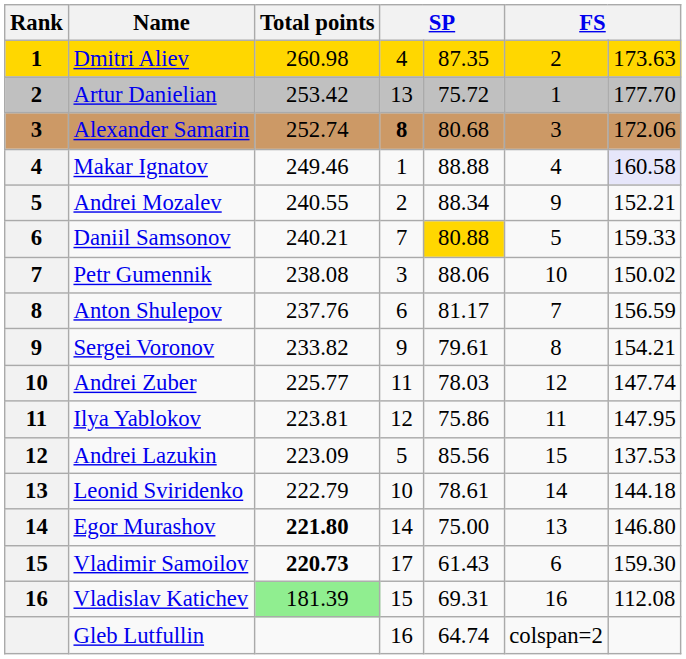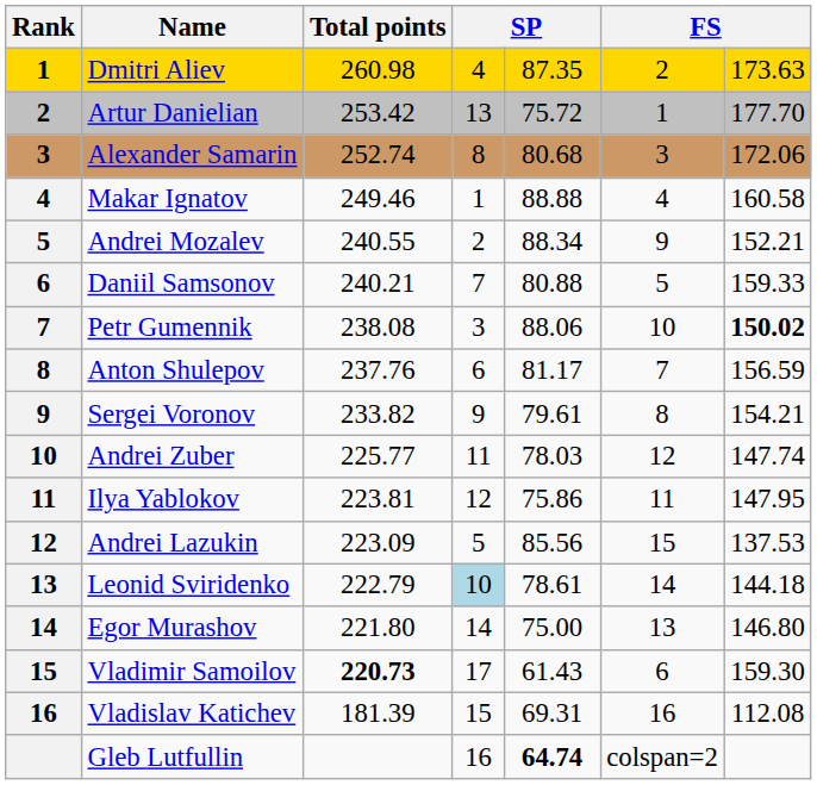 <table class="wikitable sortable">
 <tr>
 <th>Rank</th>
 <th>Name</th>
 <th>Total points</th>
 <th colspan="2" width="80px"><a href='#'>SP</a></th>
 <th colspan="2" width="80px"><a href='#'>FS</a></th>
 </tr>
 <tr bgcolor="gold">
 <td align="center"><strong>1</strong></td>
 <td><a href='#'>Dmitri Aliev</a></td>
 <td align="center">260.98</td>
 <td align="center">4</td>
 <td align="center">87.35</td>
 <td align="center">2</td>
 <td align="center">173.63</td>
 </tr>
 <tr bgcolor="silver">
 <td align="center"><strong>2</strong></td>
 <td><a href='#'>Artur Danielian</a></td>
 <td align="center">253.42</td>
 <td align="center">13</td>
 <td align="center">75.72</td>
 <td align="center">1</td>
 <td align="center">177.70</td>
 </tr>
 <tr bgcolor="cc9966">
 <td align="center"><strong>3</strong></td>
 <td><a href='#'>Alexander Samarin</a></td>
 <td align="center">252.74</td>
-<td align="center"><strong>8</strong></td>
+<td align="center">8</td>
 <td align="center">80.68</td>
 <td align="center">3</td>
 <td align="center">172.06</td>
 </tr>
 <tr>
 <th>4</th>
 <td><a href='#'>Makar Ignatov</a></td>
 <td align="center">249.46</td>
 <td align="center">1</td>
 <td align="center">88.88</td>
 <td align="center">4</td>
-<td align="center" style="background: lavender;">160.58</td>
+<td align="center">160.58</td>
 </tr>
 <tr>
 <th>5</th>
 <td><a href='#'>Andrei Mozalev</a></td>
 <td align="center">240.55</td>
 <td align="center">2</td>
 <td align="center">88.34</td>
 <td align="center">9</td>
 <td align="center">152.21</td>
 </tr>
 <tr>
 <th>6</th>
 <td><a href='#'>Daniil Samsonov</a></td>
 <td align="center">240.21</td>
 <td align="center">7</td>
-<td align="center" style="background: gold;">80.88</td>
+<td align="center">80.88</td>
 <td align="center">5</td>
 <td align="center">159.33</td>
 </tr>
 <tr>
 <th>7</th>
 <td><a href='#'>Petr Gumennik</a></td>
 <td align="center">238.08</td>
 <td align="center">3</td>
 <td align="center">88.06</td>
 <td align="center">10</td>
-<td align="center">150.02</td>
+<td align="center"><strong>150.02</strong></td>
 </tr>
 <tr>
 <th>8</th>
 <td><a href='#'>Anton Shulepov</a></td>
 <td align="center">237.76</td>
 <td align="center">6</td>
 <td align="center">81.17</td>
 <td align="center">7</td>
 <td align="center">156.59</td>
 </tr>
 <tr>
 <th>9</th>
 <td><a href='#'>Sergei Voronov</a></td>
 <td align="center">233.82</td>
 <td align="center">9</td>
 <td align="center">79.61</td>
 <td align="center">8</td>
 <td align="center">154.21</td>
 </tr>
 <tr>
 <th>10</th>
 <td><a href='#'>Andrei Zuber</a></td>
 <td align="center">225.77</td>
 <td align="center">11</td>
 <td align="center">78.03</td>
 <td align="center">12</td>
 <td align="center">147.74</td>
 </tr>
 <tr>
 <th>11</th>
 <td><a href='#'>Ilya Yablokov</a></td>
 <td align="center">223.81</td>
 <td align="center">12</td>
 <td align="center">75.86</td>
 <td align="center">11</td>
 <td align="center">147.95</td>
 </tr>
 <tr>
 <th>12</th>
 <td><a href='#'>Andrei Lazukin</a></td>
 <td align="center">223.09</td>
 <td align="center">5</td>
 <td align="center">85.56</td>
 <td align="center">15</td>
 <td align="center">137.53</td>
 </tr>
 <tr>
 <th>13</th>
 <td><a href='#'>Leonid Sviridenko</a></td>
 <td align="center">222.79</td>
-<td align="center">10</td>
+<td align="center" style="background: lightblue;">10</td>
 <td align="center">78.61</td>
 <td align="center">14</td>
 <td align="center">144.18</td>
 </tr>
 <tr>
 <th>14</th>
 <td><a href='#'>Egor Murashov</a></td>
-<td align="center"><strong>221.80</strong></td>
+<td align="center">221.80</td>
 <td align="center">14</td>
 <td align="center">75.00</td>
 <td align="center">13</td>
 <td align="center">146.80</td>
 </tr>
 <tr>
 <th>15</th>
 <td><a href='#'>Vladimir Samoilov</a></td>
 <td align="center"><strong>220.73</strong></td>
 <td align="center">17</td>
 <td align="center">61.43</td>
 <td align="center">6</td>
 <td align="center">159.30</td>
 </tr>
 <tr>
 <th>16</th>
 <td><a href='#'>Vladislav Katichev</a></td>
-<td align="center" style="background: lightgreen;">181.39</td>
+<td align="center">181.39</td>
 <td align="center">15</td>
 <td align="center">69.31</td>
 <td align="center">16</td>
 <td align="center">112.08</td>
 </tr>
 <tr>
 <th></th>
 <td><a href='#'>Gleb Lutfullin</a></td>
 <td></td>
 <td align="center">16</td>
-<td align="center">64.74</td>
+<td align="center"><strong>64.74</strong></td>
 <td>colspan=2 </td>
 </tr>
 </table>
